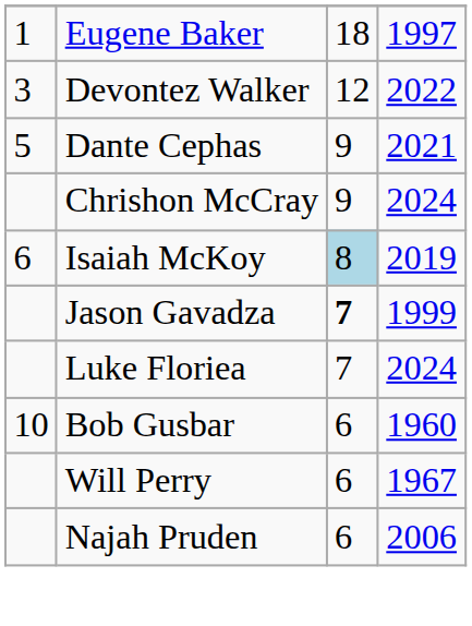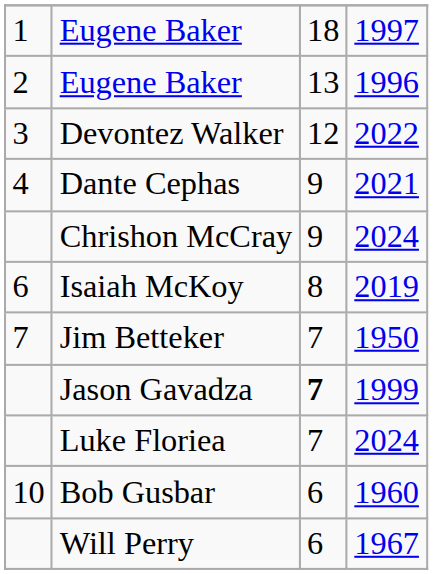 <table class="wikitable" style="display:inline-table;">
 <tr>
 </tr>
 <tr>
 <td>1</td>
 <td><a href='#'>Eugene Baker</a></td>
 <td>18</td>
 <td><a href='#'>1997</a></td>
 </tr>
 <tr>
+<td>2</td>
+<td><a href='#'>Eugene Baker</a></td>
+<td>13</td>
+<td><a href='#'>1996</a></td>
+</tr>
+<tr>
 <td>3</td>
 <td>Devontez Walker</td>
 <td>12</td>
 <td><a href='#'>2022</a></td>
 </tr>
 <tr>
-<td>5</td>
+<td>4</td>
 <td>Dante Cephas</td>
 <td>9</td>
 <td><a href='#'>2021</a></td>
 </tr>
 <tr>
 <td></td>
 <td>Chrishon McCray</td>
 <td>9</td>
 <td><a href='#'>2024</a></td>
 </tr>
 <tr>
 <td>6</td>
 <td>Isaiah McKoy</td>
-<td style="background: lightblue;">8 </td>
+<td>8 </td>
 <td><a href='#'>2019</a></td>
+</tr>
+<tr>
+<td>7</td>
+<td>Jim Betteker</td>
+<td>7</td>
+<td><a href='#'>1950</a></td>
 </tr>
 <tr>
 <td></td>
 <td>Jason Gavadza</td>
 <td><strong>7</strong></td>
 <td><a href='#'>1999</a></td>
 </tr>
 <tr>
 <td></td>
 <td>Luke Floriea</td>
 <td>7</td>
 <td><a href='#'>2024</a></td>
 </tr>
 <tr>
 <td>10</td>
 <td>Bob Gusbar</td>
 <td>6</td>
 <td><a href='#'>1960</a></td>
 </tr>
 <tr>
 <td></td>
 <td>Will Perry</td>
 <td>6</td>
 <td><a href='#'>1967</a></td>
 </tr>
-<tr>
-<td></td>
-<td>Najah Pruden</td>
-<td>6</td>
-<td><a href='#'>2006</a></td>
-</tr>
 </table>
